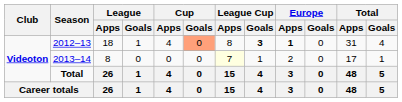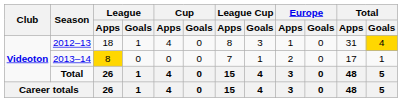 <table class="wikitable" style="font-size:90%; text-align: center;">
 <tr>
 <th rowspan="2">Club</th>
 <th rowspan="2">Season</th>
 <th colspan="2">League</th>
 <th colspan="2">Cup</th>
 <th colspan="2">League Cup</th>
 <th colspan="2"><a href='#'>Europe</a></th>
 <th colspan="2">Total</th>
 </tr>
 <tr>
 <th>Apps</th>
 <th>Goals</th>
 <th>Apps</th>
 <th>Goals</th>
 <th>Apps</th>
 <th>Goals</th>
 <th>Apps</th>
 <th>Goals</th>
 <th>Apps</th>
 <th>Goals</th>
 </tr>
 <tr>
 <td rowspan="3" align=center valign=center><strong><a href='#'>Videoton</a></strong></td>
 <td !colspan="2"><a href='#'>2012–13</a></td>
 <td>18</td>
 <td>1</td>
 <td>4</td>
-<td style="background: lightsalmon;">0</td>
+<td>0</td>
 <td>8</td>
-<td><strong>3</strong></td>
-<td><strong>1</strong></td>
+<td>3</td>
+<td>1</td>
 <td>0</td>
 <td>31</td>
-<td>4</td>
+<td style="background: gold;">4</td>
 </tr>
 <tr>
 <td !colspan="2"><a href='#'>2013–14</a></td>
-<td>8</td>
+<td style="background: gold;">8</td>
 <td>0</td>
 <td>0</td>
 <td>0</td>
-<td style="background: lightyellow;">7</td>
+<td>7</td>
 <td>1</td>
 <td>2</td>
 <td>0</td>
 <td>17</td>
 <td>1</td>
 </tr>
 <tr>
 <td !colspan="2"><strong>Total</strong></td>
 <th>26</th>
 <th>1</th>
 <th>4</th>
 <th>0</th>
 <th>15</th>
 <th>4</th>
 <th>3</th>
 <th>0</th>
 <th>48</th>
 <th>5</th>
 </tr>
 <tr>
 <th colspan="2">Career totals</th>
 <th>26</th>
 <th>1</th>
 <th>4</th>
 <th>0</th>
 <th>15</th>
 <th>4</th>
 <th>3</th>
 <th>0</th>
 <th>48</th>
 <th>5</th>
 </tr>
 </table>
